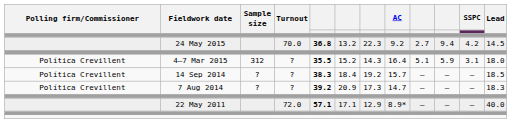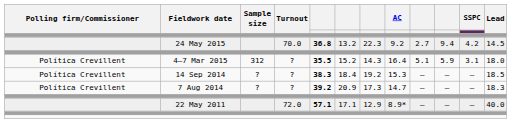 <table class="wikitable collapsible collapsed" style="text-align:center; font-size:95%; line-height:16px;">
 <tr style="height:42px;">
 <th style="width:250px;" rowspan="2">Polling firm/Commissioner</th>
 <th style="width:125px;" rowspan="2">Fieldwork date</th>
 <th style="width:50px;" rowspan="2">Sample size</th>
 <th style="width:45px;" rowspan="2">Turnout</th>
 <th style="width:35px;"></th>
 <th style="width:35px;"></th>
 <th style="width:35px;"></th>
 <th style="width:35px;"><a href='#'>AC</a></th>
 <th style="width:35px;"></th>
 <th style="width:35px;"></th>
 <th style="width:35px; font-size:95%;">SSPC</th>
 <th style="width:30px;" rowspan="2">Lead</th>
 </tr>
 <tr>
 <th style="color:inherit;background:"></th>
 <th style="color:inherit;background:"></th>
 <th style="color:inherit;background:"></th>
 <th style="color:inherit;background:"></th>
 <th style="color:inherit;background:"></th>
 <th style="color:inherit;background:"></th>
 <th style="color:inherit;background:#5D265D;"></th>
 </tr>
 <tr>
 <td colspan="12" style="background:#A0A0A0"></td>
 </tr>
 <tr style="background:#EFEFEF;">
 <td><strong></strong></td>
 <td>24 May 2015</td>
 <td></td>
 <td>70.0</td>
 <td><strong>36.8</strong><br></td>
 <td>13.2<br></td>
 <td>22.3<br></td>
 <td>9.2<br></td>
 <td>2.7<br></td>
 <td>9.4<br></td>
 <td>4.2<br></td>
 <td style="background:">14.5</td>
 </tr>
 <tr>
 <td colspan="12" style="background:#A0A0A0"></td>
 </tr>
 <tr>
 <td>Política Crevillent</td>
 <td>4–7 Mar 2015</td>
 <td>312</td>
 <td>?</td>
 <td><strong>35.5</strong><br></td>
 <td>15.2<br></td>
 <td>14.3<br></td>
 <td>16.4<br></td>
 <td>5.1<br></td>
 <td>5.9<br></td>
 <td>3.1<br></td>
 <td style="background:">18.0</td>
 </tr>
 <tr>
 <td>Política Crevillent</td>
 <td>14 Sep 2014</td>
 <td>?</td>
 <td>?</td>
 <td><strong>38.3</strong><br></td>
 <td>18.4<br></td>
 <td>19.2<br></td>
-<td>15.7<br></td>
+<td>15.3<br></td>
 <td>–</td>
 <td>–</td>
 <td>–</td>
 <td style="background:">18.5</td>
 </tr>
 <tr>
 <td>Política Crevillent</td>
 <td>7 Aug 2014</td>
 <td>?</td>
 <td>?</td>
 <td><strong>39.2</strong><br></td>
 <td>20.9<br></td>
 <td>17.3<br></td>
 <td>14.7<br></td>
 <td>–</td>
 <td>–</td>
 <td>–</td>
 <td style="background:">18.3</td>
 </tr>
 <tr>
 <td colspan="12" style="background:#A0A0A0"></td>
 </tr>
 <tr style="background:#EFEFEF;">
 <td><strong></strong></td>
 <td>22 May 2011</td>
 <td></td>
 <td>72.0</td>
 <td><strong>57.1</strong><br></td>
 <td>17.1<br></td>
 <td>12.9<br></td>
 <td>8.9*<br></td>
 <td>–</td>
 <td>–</td>
 <td>–</td>
 <td style="background:">40.0</td>
 </tr>
 <tr>
 <td colspan="12" style="background:#A0A0A0"></td>
 </tr>
 <tr>
 <td align="left" colspan="12"></td>
 </tr>
 </table>
